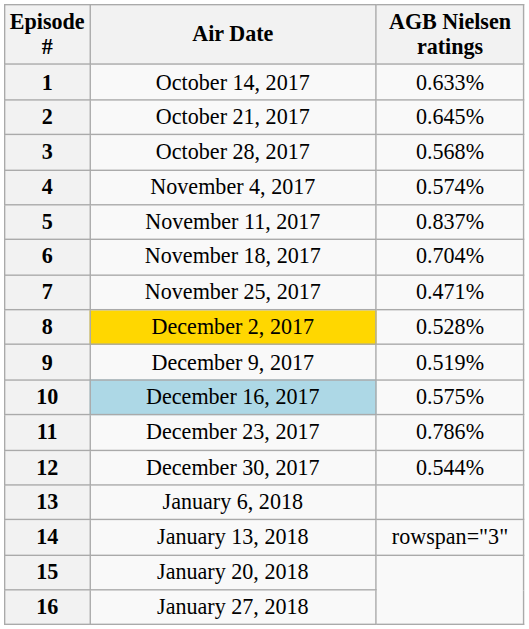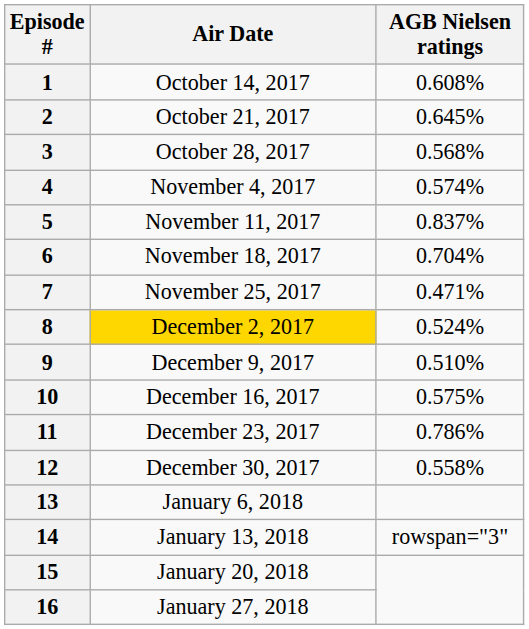 <table class="wikitable" style="text-align:center">
 <tr>
 <th width="50">Episode #</th>
 <th width="200">Air Date</th>
 <th width="100">AGB Nielsen ratings</th>
 </tr>
 <tr>
 <th>1</th>
 <td>October 14, 2017</td>
-<td>0.633%</td>
+<td>0.608%</td>
 </tr>
 <tr>
 <th>2</th>
 <td>October 21, 2017</td>
 <td>0.645%</td>
 </tr>
 <tr>
 <th>3</th>
 <td>October 28, 2017</td>
 <td>0.568%</td>
 </tr>
 <tr>
 <th>4</th>
 <td>November 4, 2017</td>
 <td>0.574%</td>
 </tr>
 <tr>
 <th>5</th>
 <td>November 11, 2017</td>
 <td>0.837%</td>
 </tr>
 <tr>
 <th>6</th>
 <td>November 18, 2017</td>
 <td>0.704%</td>
 </tr>
 <tr>
 <th>7</th>
 <td>November 25, 2017</td>
 <td>0.471%</td>
 </tr>
 <tr>
 <th>8</th>
 <td style="background: gold;">December 2, 2017</td>
-<td>0.528%</td>
+<td>0.524%</td>
 </tr>
 <tr>
 <th>9</th>
 <td>December 9, 2017</td>
-<td>0.519%</td>
+<td>0.510%</td>
 </tr>
 <tr>
 <th>10</th>
-<td style="background: lightblue;">December 16, 2017</td>
+<td>December 16, 2017</td>
 <td>0.575%</td>
 </tr>
 <tr>
 <th>11</th>
 <td>December 23, 2017</td>
 <td>0.786%</td>
 </tr>
 <tr>
 <th>12</th>
 <td>December 30, 2017</td>
-<td>0.544%</td>
+<td>0.558%</td>
 </tr>
 <tr>
 <th>13</th>
 <td>January 6, 2018</td>
 <td></td>
 </tr>
 <tr>
 <th>14</th>
 <td>January 13, 2018</td>
 <td>rowspan="3" </td>
 </tr>
 <tr>
 <th>15</th>
 <td>January 20, 2018</td>
 </tr>
 <tr>
 <th>16</th>
 <td>January 27, 2018</td>
 </tr>
 </table>
